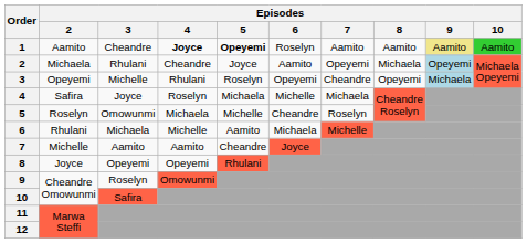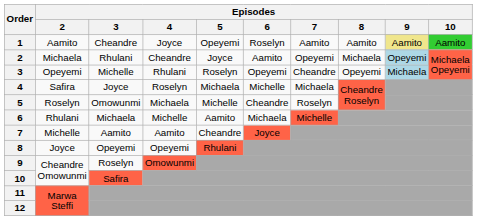 <table class="wikitable" style="text-align:center; font-size:92%">
 <tr>
 <th rowspan=2>Order</th>
 <th colspan=13>Episodes</th>
 </tr>
 <tr>
 <th>2</th>
 <th>3</th>
 <th>4</th>
 <th>5</th>
 <th>6</th>
 <th>7</th>
 <th>8</th>
 <th>9</th>
 <th>10</th>
 </tr>
 <tr>
 <th>1</th>
 <td>Aamito</td>
 <td>Cheandre</td>
-<td><strong>Joyce</strong></td>
-<td><strong>Opeyemi</strong></td>
+<td>Joyce</td>
+<td>Opeyemi</td>
 <td>Roselyn</td>
 <td>Aamito</td>
 <td>Aamito</td>
 <td style="background: khaki;">Aamito</td>
 <td style="background:limegreen;">Aamito</td>
 </tr>
 <tr>
 <th>2</th>
 <td>Michaela</td>
 <td>Rhulani</td>
 <td>Cheandre</td>
 <td>Joyce</td>
 <td>Aamito</td>
 <td>Opeyemi</td>
 <td>Michaela</td>
 <td style="background:lightblue;">Opeyemi</td>
 <td rowspan="2" style="background:tomato;">Michaela<br>Opeyemi</td>
 </tr>
 <tr>
 <th>3</th>
 <td>Opeyemi</td>
 <td>Michelle</td>
 <td>Rhulani</td>
 <td>Roselyn</td>
 <td>Opeyemi</td>
 <td>Cheandre</td>
 <td>Opeyemi</td>
 <td style="background:lightblue;">Michaela</td>
 </tr>
 <tr>
 <th>4</th>
 <td>Safira</td>
 <td>Joyce</td>
 <td>Roselyn</td>
 <td>Michaela</td>
 <td>Michelle</td>
 <td>Michaela</td>
 <td rowspan="2" style="background:tomato;">Cheandre<br>Roselyn</td>
 <td colspan="13" style="background:darkgray;"></td>
 </tr>
 <tr>
 <th>5</th>
 <td>Roselyn</td>
 <td>Omowunmi</td>
 <td>Michaela</td>
 <td>Michelle</td>
 <td>Cheandre</td>
 <td>Roselyn</td>
 <td style="background:darkgray;" colspan="13"></td>
 </tr>
 <tr>
 <th>6</th>
 <td>Rhulani</td>
 <td>Michaela</td>
 <td>Michelle</td>
 <td>Aamito</td>
 <td>Michaela</td>
 <td style="background:tomato;">Michelle</td>
 <td style="background:darkgray;" colspan="13"></td>
 </tr>
 <tr>
 <th>7</th>
 <td>Michelle</td>
 <td>Aamito</td>
 <td>Aamito</td>
 <td>Cheandre</td>
 <td style="background:tomato;">Joyce</td>
 <td style="background:darkgray;" colspan="13"></td>
 </tr>
 <tr>
 <th>8</th>
 <td>Joyce</td>
 <td>Opeyemi</td>
 <td>Opeyemi</td>
 <td style="background:tomato;">Rhulani</td>
 <td style="background:darkgray;" colspan="13"></td>
 </tr>
 <tr>
 <th>9</th>
 <td rowspan="2">Cheandre<br>Omowunmi</td>
 <td>Roselyn</td>
 <td style="background:tomato;">Omowunmi</td>
 <td style="background:darkgray;" colspan="13"></td>
 </tr>
 <tr>
 <th>10</th>
 <td style="background:tomato;">Safira</td>
 <td style="background:darkgray;" colspan="13"></td>
 </tr>
 <tr>
 <th>11</th>
 <td rowspan="2" style="background:tomato;">Marwa<br>Steffi</td>
 <td style="background:darkgray;" colspan="13"></td>
 </tr>
 <tr>
 <th>12</th>
 <td style="background:darkgray;" colspan="13"></td>
 </tr>
 </table>
